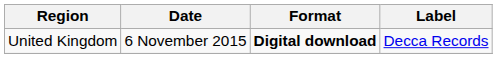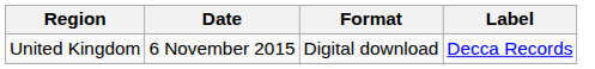 <table class=wikitable>
 <tr>
 <th>Region</th>
 <th>Date</th>
 <th>Format</th>
 <th>Label</th>
 </tr>
 <tr>
 <td>United Kingdom</td>
 <td>6 November 2015</td>
-<td><strong>Digital download</strong></td>
+<td>Digital download</td>
 <td><a href='#'>Decca Records</a></td>
 </tr>
 <tr>
 </tr>
 </table>
